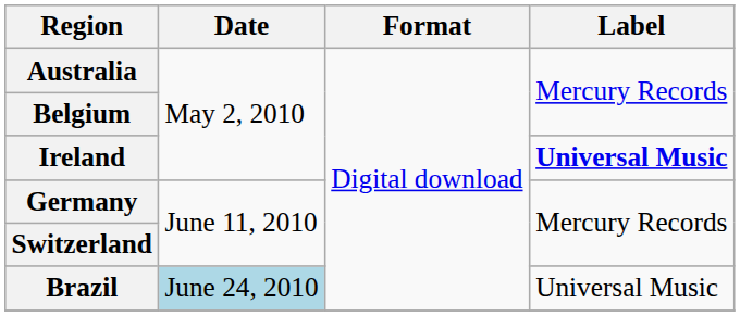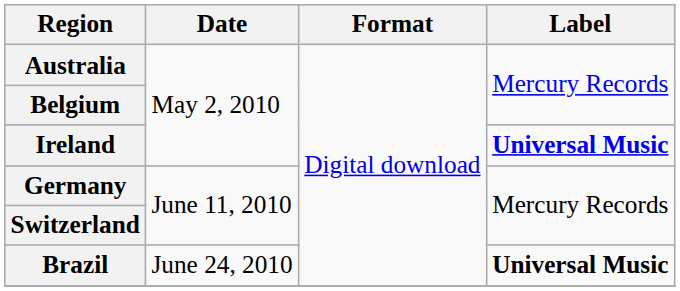 <table class="wikitable plainrowheaders">
 <tr>
 <th scope="col">Region</th>
 <th scope="col">Date</th>
 <th scope="col">Format</th>
 <th scope="col">Label</th>
 </tr>
 <tr>
 <th scope="row">Australia</th>
 <td rowspan="3">May 2, 2010</td>
 <td rowspan="6"><a href='#'>Digital download</a></td>
 <td rowspan="2"><a href='#'>Mercury Records</a></td>
 </tr>
 <tr>
 <th scope="row">Belgium</th>
 </tr>
 <tr>
 <th scope="row">Ireland</th>
 <td><strong><a href='#'>Universal Music</a></strong></td>
 </tr>
 <tr>
 <th scope="row">Germany</th>
 <td rowspan="2">June 11, 2010</td>
 <td rowspan="2">Mercury Records</td>
 </tr>
 <tr>
 <th scope="row">Switzerland</th>
 </tr>
 <tr>
 <th scope="row">Brazil</th>
-<td style="background: lightblue;">June 24, 2010</td>
-<td>Universal Music</td>
+<td>June 24, 2010</td>
+<td><strong>Universal Music</strong></td>
 </tr>
 <tr>
 </tr>
 </table>
